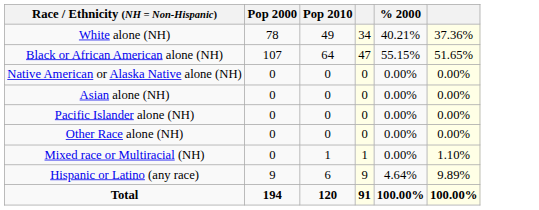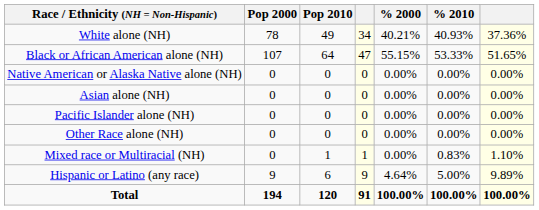 <table class="wikitable" style="text-align:center;">
 <tr>
 <th>Race / Ethnicity <small>(<em>NH = Non-Hispanic</em>)</small></th>
 <th>Pop 2000</th>
 <th>Pop 2010</th>
 <th></th>
 <th>% 2000</th>
+<th>% 2010</th>
 <th></th>
 </tr>
 <tr>
 <td><a href='#'>White</a> alone (NH)</td>
 <td>78</td>
 <td>49</td>
 <td style='background: #ffffe6;'>34</td>
 <td>40.21%</td>
+<td>40.93%</td>
 <td style='background: #ffffe6;'>37.36%</td>
 </tr>
 <tr>
 <td><a href='#'>Black or African American</a> alone (NH)</td>
 <td>107</td>
 <td>64</td>
 <td style='background: #ffffe6;'>47</td>
 <td>55.15%</td>
+<td>53.33%</td>
 <td style='background: #ffffe6;'>51.65%</td>
 </tr>
 <tr>
 <td><a href='#'>Native American</a> or <a href='#'>Alaska Native</a> alone (NH)</td>
 <td>0</td>
 <td>0</td>
 <td style='background: #ffffe6;'>0</td>
+<td>0.00%</td>
 <td>0.00%</td>
 <td style='background: #ffffe6;'>0.00%</td>
 </tr>
 <tr>
 <td><a href='#'>Asian</a> alone (NH)</td>
 <td>0</td>
 <td>0</td>
 <td style='background: #ffffe6;'>0</td>
 <td>0.00%</td>
+<td>0.00%</td>
 <td style='background: #ffffe6;'>0.00%</td>
 </tr>
 <tr>
 <td><a href='#'>Pacific Islander</a> alone (NH)</td>
 <td>0</td>
 <td>0</td>
 <td style='background: #ffffe6;'>0</td>
+<td>0.00%</td>
 <td>0.00%</td>
 <td style='background: #ffffe6;'>0.00%</td>
 </tr>
 <tr>
 <td><a href='#'>Other Race</a> alone (NH)</td>
 <td>0</td>
 <td>0</td>
 <td style='background: #ffffe6;'>0</td>
 <td>0.00%</td>
+<td>0.00%</td>
 <td style='background: #ffffe6;'>0.00%</td>
 </tr>
 <tr>
 <td><a href='#'>Mixed race or Multiracial</a> (NH)</td>
 <td>0</td>
 <td>1</td>
 <td style='background: #ffffe6;'>1</td>
 <td>0.00%</td>
+<td>0.83%</td>
 <td style='background: #ffffe6;'>1.10%</td>
 </tr>
 <tr>
 <td><a href='#'>Hispanic or Latino</a> (any race)</td>
 <td>9</td>
 <td>6</td>
 <td style='background: #ffffe6;'>9</td>
 <td>4.64%</td>
+<td>5.00%</td>
 <td style='background: #ffffe6;'>9.89%</td>
 </tr>
 <tr>
 <td><strong>Total</strong></td>
 <td><strong>194</strong></td>
 <td><strong>120</strong></td>
 <td style='background: #ffffe6;'><strong>91</strong></td>
 <td><strong>100.00%</strong></td>
+<td><strong>100.00%</strong></td>
 <td style='background: #ffffe6;'><strong>100.00%</strong></td>
 </tr>
 </table>
